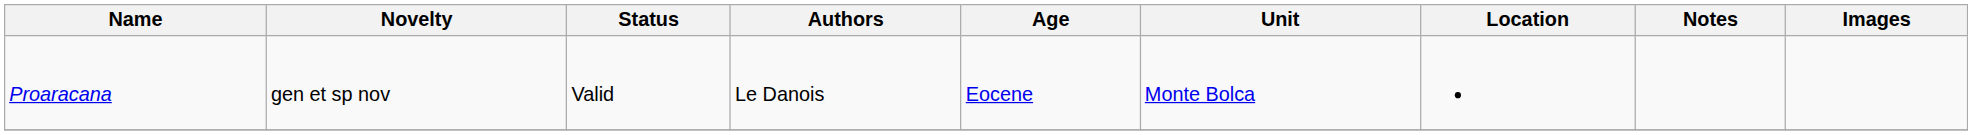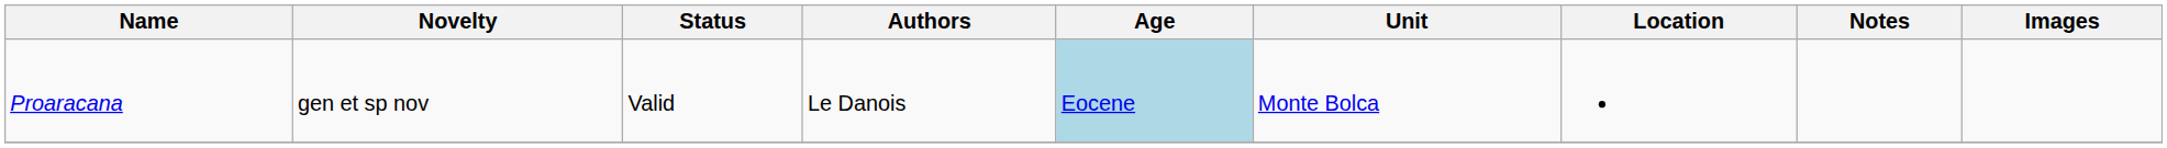 <table class="wikitable sortable" align="center" width="100%">
 <tr>
 <th>Name</th>
 <th>Novelty</th>
 <th>Status</th>
 <th>Authors</th>
 <th>Age</th>
 <th>Unit</th>
 <th>Location</th>
 <th>Notes</th>
 <th>Images</th>
 </tr>
 <tr>
 <td><br><em><a href='#'>Proaracana</a></em></td>
 <td><br>gen et sp nov</td>
 <td><br>Valid</td>
 <td><br>Le Danois</td>
-<td><br><a href='#'>Eocene</a></td>
+<td style="background: lightblue;"><br><a href='#'>Eocene</a></td>
 <td><br><a href='#'>Monte Bolca</a></td>
 <td><br><ul><li></li></ul></td>
 <td></td>
 <td><br></td>
 </tr>
 <tr>
 </tr>
 </table>
